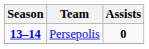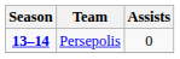 <table class="wikitable" style="text-align: center;">
 <tr>
 <th>Season</th>
 <th>Team</th>
 <th>Assists</th>
 </tr>
 <tr>
 <td><strong><a href='#'>13–14</a></strong></td>
 <td align="left"><a href='#'>Persepolis</a></td>
-<td><strong>0</strong></td>
+<td>0</td>
 </tr>
 <tr>
 </tr>
 </table>
